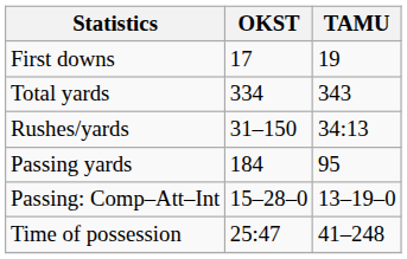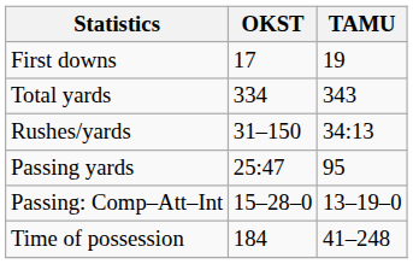 <table class="wikitable" style="float: left;">
 <tr>
 <th>Statistics</th>
 <th>OKST</th>
 <th>TAMU</th>
 </tr>
 <tr>
 <td>First downs</td>
 <td>17</td>
 <td>19</td>
 </tr>
 <tr>
 <td>Total yards</td>
 <td>334</td>
 <td>343</td>
 </tr>
 <tr>
 <td>Rushes/yards</td>
 <td>31–150</td>
 <td>34:13</td>
 </tr>
 <tr>
 <td>Passing yards</td>
-<td>184</td>
+<td>25:47</td>
 <td>95</td>
 </tr>
 <tr>
 <td>Passing: Comp–Att–Int</td>
 <td>15–28–0</td>
 <td>13–19–0</td>
 </tr>
 <tr>
 <td>Time of possession</td>
-<td>25:47</td>
+<td>184</td>
 <td>41–248</td>
 </tr>
 <tr>
 </tr>
 </table>
